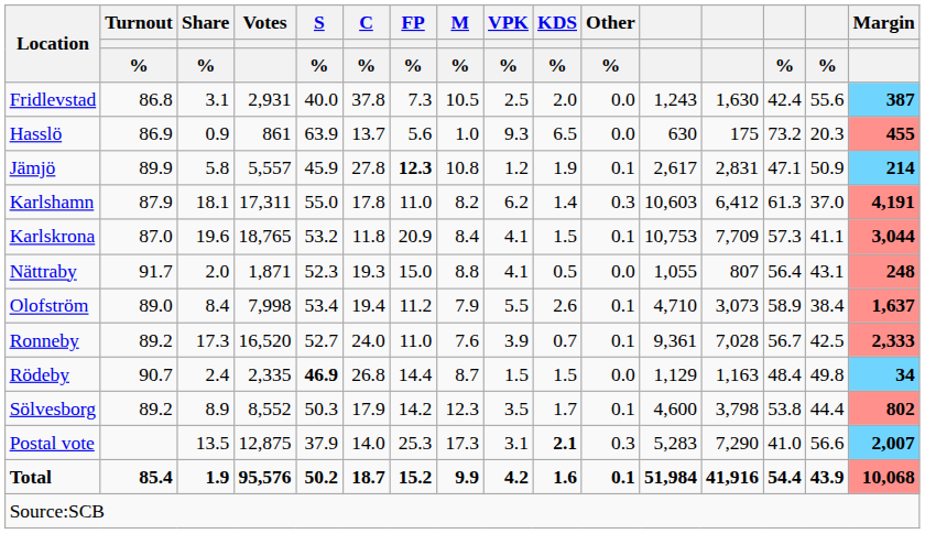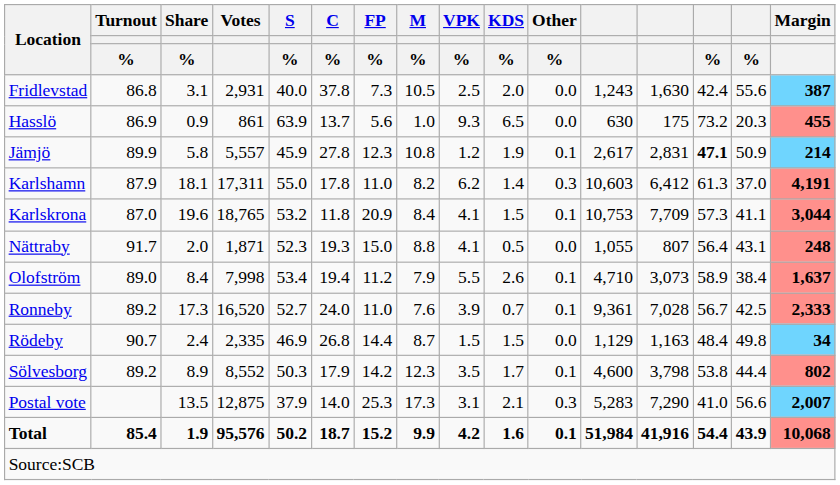 <table class="wikitable sortable" style="text-align:right; font-size:95%; line-height:20px;">
 <tr>
 <th rowspan="3">Location</th>
 <th>Turnout</th>
 <th>Share</th>
 <th>Votes</th>
 <th width="30px" class="unsortable"><a href='#'>S</a></th>
 <th width="30px" class="unsortable"><a href='#'>C</a></th>
 <th width="30px" class="unsortable"><a href='#'>FP</a></th>
 <th width="30px" class="unsortable"><a href='#'>M</a></th>
 <th width="30px" class="unsortable"><a href='#'>VPK</a></th>
 <th width="30px" class="unsortable"><a href='#'>KDS</a></th>
 <th width="30px" class="unsortable">Other</th>
 <th></th>
 <th></th>
 <th></th>
 <th></th>
 <th>Margin</th>
 </tr>
 <tr>
 <th></th>
 <th></th>
 <th></th>
 <th style="background:"></th>
 <th style="background:"></th>
 <th style="background:"></th>
 <th style="background:"></th>
 <th style="background:"></th>
 <th style="background:"></th>
 <th style="background:"></th>
 <th style="background:"></th>
 <th style="background:"></th>
 <th style="background:"></th>
 <th style="background:"></th>
 <th></th>
 </tr>
 <tr>
 <th data-sort-type="number">%</th>
 <th data-sort-type="number">%</th>
 <th></th>
 <th data-sort-type="number">%</th>
 <th data-sort-type="number">%</th>
 <th data-sort-type="number">%</th>
 <th data-sort-type="number">%</th>
 <th data-sort-type="number">%</th>
 <th data-sort-type="number">%</th>
 <th data-sort-type="number">%</th>
 <th data-sort-type="number"></th>
 <th data-sort-type="number"></th>
 <th data-sort-type="number">%</th>
 <th data-sort-type="number">%</th>
 <th data-sort-type="number"></th>
 </tr>
 <tr>
 <td align=left><a href='#'>Fridlevstad</a></td>
 <td>86.8</td>
 <td>3.1</td>
 <td>2,931</td>
 <td>40.0</td>
 <td>37.8</td>
 <td>7.3</td>
 <td>10.5</td>
 <td>2.5</td>
 <td>2.0</td>
 <td>0.0</td>
 <td>1,243</td>
 <td>1,630</td>
 <td>42.4</td>
 <td>55.6</td>
 <td bgcolor=#6fd5fe><strong>387</strong></td>
 </tr>
 <tr>
 <td align=left><a href='#'>Hasslö</a></td>
 <td>86.9</td>
 <td>0.9</td>
 <td>861</td>
 <td>63.9</td>
 <td>13.7</td>
 <td>5.6</td>
 <td>1.0</td>
 <td>9.3</td>
 <td>6.5</td>
 <td>0.0</td>
 <td>630</td>
 <td>175</td>
 <td>73.2</td>
 <td>20.3</td>
 <td bgcolor=#ff908c><strong>455</strong></td>
 </tr>
 <tr>
 <td align=left><a href='#'>Jämjö</a></td>
 <td>89.9</td>
 <td>5.8</td>
 <td>5,557</td>
 <td>45.9</td>
 <td>27.8</td>
-<td><strong>12.3</strong></td>
+<td>12.3</td>
 <td>10.8</td>
 <td>1.2</td>
 <td>1.9</td>
 <td>0.1</td>
 <td>2,617</td>
 <td>2,831</td>
-<td>47.1</td>
+<td><strong>47.1</strong></td>
 <td>50.9</td>
 <td bgcolor=#6fd5fe><strong>214</strong></td>
 </tr>
 <tr>
 <td align=left><a href='#'>Karlshamn</a></td>
 <td>87.9</td>
 <td>18.1</td>
 <td>17,311</td>
 <td>55.0</td>
 <td>17.8</td>
 <td>11.0</td>
 <td>8.2</td>
 <td>6.2</td>
 <td>1.4</td>
 <td>0.3</td>
 <td>10,603</td>
 <td>6,412</td>
 <td>61.3</td>
 <td>37.0</td>
 <td bgcolor=#ff908c><strong>4,191</strong></td>
 </tr>
 <tr>
 <td align=left><a href='#'>Karlskrona</a></td>
 <td>87.0</td>
 <td>19.6</td>
 <td>18,765</td>
 <td>53.2</td>
 <td>11.8</td>
 <td>20.9</td>
 <td>8.4</td>
 <td>4.1</td>
 <td>1.5</td>
 <td>0.1</td>
 <td>10,753</td>
 <td>7,709</td>
 <td>57.3</td>
 <td>41.1</td>
 <td bgcolor=#ff908c><strong>3,044</strong></td>
 </tr>
 <tr>
 <td align=left><a href='#'>Nättraby</a></td>
 <td>91.7</td>
 <td>2.0</td>
 <td>1,871</td>
 <td>52.3</td>
 <td>19.3</td>
 <td>15.0</td>
 <td>8.8</td>
 <td>4.1</td>
 <td>0.5</td>
 <td>0.0</td>
 <td>1,055</td>
 <td>807</td>
 <td>56.4</td>
 <td>43.1</td>
 <td bgcolor=#ff908c><strong>248</strong></td>
 </tr>
 <tr>
 <td align=left><a href='#'>Olofström</a></td>
 <td>89.0</td>
 <td>8.4</td>
 <td>7,998</td>
 <td>53.4</td>
 <td>19.4</td>
 <td>11.2</td>
 <td>7.9</td>
 <td>5.5</td>
 <td>2.6</td>
 <td>0.1</td>
 <td>4,710</td>
 <td>3,073</td>
 <td>58.9</td>
 <td>38.4</td>
 <td bgcolor=#ff908c><strong>1,637</strong></td>
 </tr>
 <tr>
 <td align=left><a href='#'>Ronneby</a></td>
 <td>89.2</td>
 <td>17.3</td>
 <td>16,520</td>
 <td>52.7</td>
 <td>24.0</td>
 <td>11.0</td>
 <td>7.6</td>
 <td>3.9</td>
 <td>0.7</td>
 <td>0.1</td>
 <td>9,361</td>
 <td>7,028</td>
 <td>56.7</td>
 <td>42.5</td>
 <td bgcolor=#ff908c><strong>2,333</strong></td>
 </tr>
 <tr>
 <td align=left><a href='#'>Rödeby</a></td>
 <td>90.7</td>
 <td>2.4</td>
 <td>2,335</td>
-<td><strong>46.9</strong></td>
+<td>46.9</td>
 <td>26.8</td>
 <td>14.4</td>
 <td>8.7</td>
 <td>1.5</td>
 <td>1.5</td>
 <td>0.0</td>
 <td>1,129</td>
 <td>1,163</td>
 <td>48.4</td>
 <td>49.8</td>
 <td bgcolor=#6fd5fe><strong>34</strong></td>
 </tr>
 <tr>
 <td align=left><a href='#'>Sölvesborg</a></td>
 <td>89.2</td>
 <td>8.9</td>
 <td>8,552</td>
 <td>50.3</td>
 <td>17.9</td>
 <td>14.2</td>
 <td>12.3</td>
 <td>3.5</td>
 <td>1.7</td>
 <td>0.1</td>
 <td>4,600</td>
 <td>3,798</td>
 <td>53.8</td>
 <td>44.4</td>
 <td bgcolor=#ff908c><strong>802</strong></td>
 </tr>
 <tr>
 <td align=left><a href='#'>Postal vote</a></td>
 <td></td>
 <td>13.5</td>
 <td>12,875</td>
 <td>37.9</td>
 <td>14.0</td>
 <td>25.3</td>
 <td>17.3</td>
 <td>3.1</td>
-<td><strong>2.1</strong></td>
+<td>2.1</td>
 <td>0.3</td>
 <td>5,283</td>
 <td>7,290</td>
 <td>41.0</td>
 <td>56.6</td>
 <td bgcolor=#6fd5fe><strong>2,007</strong></td>
 </tr>
 <tr>
 <td align=left><strong>Total</strong></td>
 <td><strong>85.4</strong></td>
 <td><strong>1.9</strong></td>
 <td><strong>95,576</strong></td>
 <td><strong>50.2</strong></td>
 <td><strong>18.7</strong></td>
 <td><strong>15.2</strong></td>
 <td><strong>9.9</strong></td>
 <td><strong>4.2</strong></td>
 <td><strong>1.6</strong></td>
 <td><strong>0.1</strong></td>
 <td><strong>51,984</strong></td>
 <td><strong>41,916</strong></td>
 <td><strong>54.4</strong></td>
 <td><strong>43.9</strong></td>
 <td bgcolor=#ff908c><strong>10,068</strong></td>
 </tr>
 <tr>
 <td align=left colspan=16>Source:SCB </td>
 </tr>
 </table>
